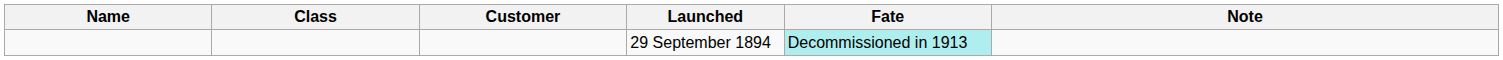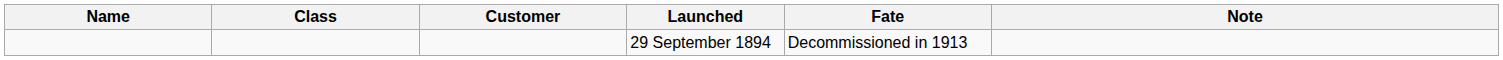 <table class="wikitable mw-collapsible mw-collapsed">
 <tr>
 <th width="200">Name</th>
 <th width="200">Class</th>
 <th width="200">Customer</th>
 <th width="150">Launched</th>
 <th width="200">Fate</th>
 <th width="500">Note</th>
 </tr>
 <tr>
 <td></td>
 <td></td>
 <td></td>
 <td>29 September 1894</td>
-<td style="background: paleturquoise;">Decommissioned in 1913</td>
+<td>Decommissioned in 1913</td>
 <td></td>
 </tr>
 <tr>
 </tr>
 </table>
